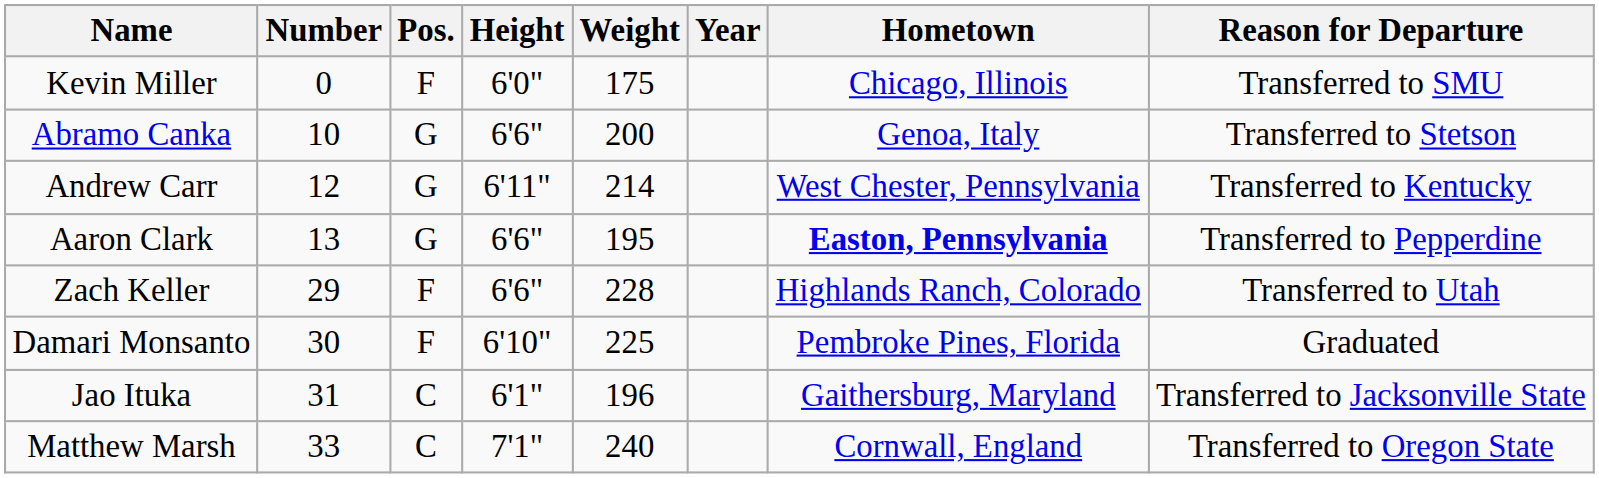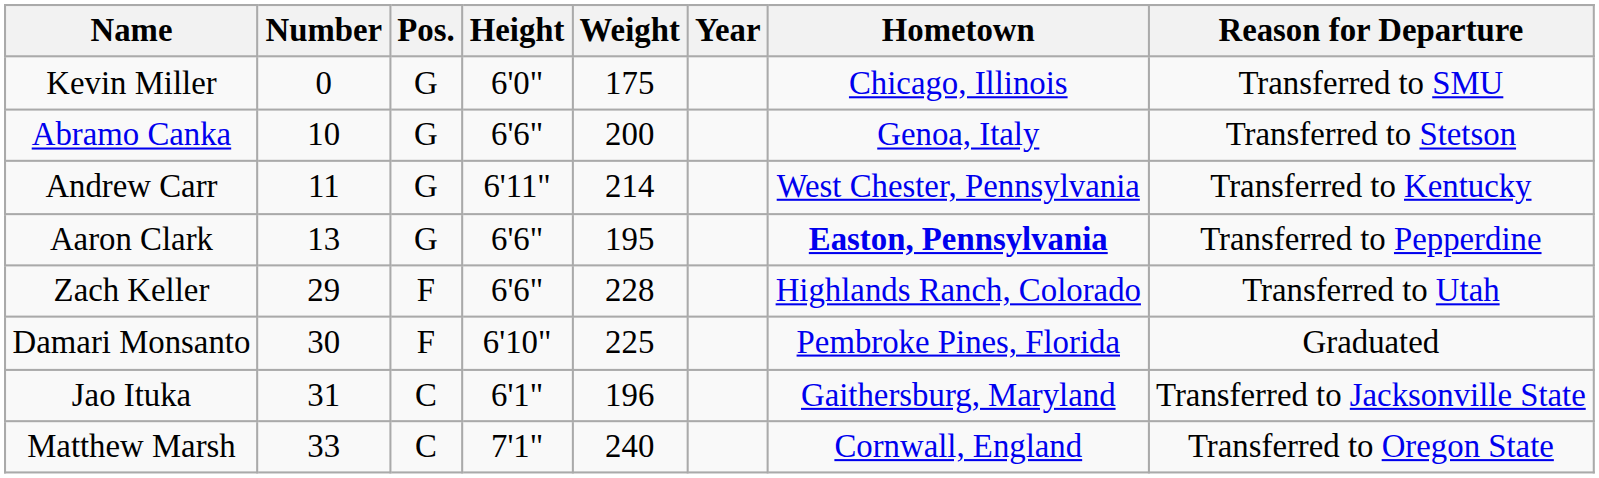 <table class="wikitable sortable" border="1" style=text-align:center;">
 <tr align=center>
 <th>Name</th>
 <th>Number</th>
 <th>Pos.</th>
 <th>Height</th>
 <th>Weight</th>
 <th>Year</th>
 <th>Hometown</th>
 <th>Reason for Departure</th>
 </tr>
 <tr>
 <td>Kevin Miller</td>
 <td>0</td>
-<td>F</td>
+<td>G</td>
 <td>6'0"</td>
 <td>175</td>
 <td></td>
 <td><a href='#'>Chicago, Illinois</a></td>
 <td>Transferred to <a href='#'>SMU</a></td>
 </tr>
 <tr>
 <td><a href='#'>Abramo Canka</a></td>
 <td>10</td>
 <td>G</td>
 <td>6'6"</td>
 <td>200</td>
 <td></td>
 <td><a href='#'>Genoa, Italy</a></td>
 <td>Transferred to <a href='#'>Stetson</a></td>
 </tr>
 <tr>
 <td>Andrew Carr</td>
-<td>12</td>
+<td>11</td>
 <td>G</td>
 <td>6'11"</td>
 <td>214</td>
 <td></td>
 <td><a href='#'>West Chester, Pennsylvania</a></td>
 <td>Transferred to <a href='#'>Kentucky</a></td>
 </tr>
 <tr>
 <td>Aaron Clark</td>
 <td>13</td>
 <td>G</td>
 <td>6'6"</td>
 <td>195</td>
 <td></td>
 <td><strong><a href='#'>Easton, Pennsylvania</a></strong></td>
 <td>Transferred to <a href='#'>Pepperdine</a></td>
 </tr>
 <tr>
 <td>Zach Keller</td>
 <td>29</td>
 <td>F</td>
 <td>6'6"</td>
 <td>228</td>
 <td></td>
 <td><a href='#'>Highlands Ranch, Colorado</a></td>
 <td>Transferred to <a href='#'>Utah</a></td>
 </tr>
 <tr>
 <td>Damari Monsanto</td>
 <td>30</td>
 <td>F</td>
 <td>6'10"</td>
 <td>225</td>
 <td></td>
 <td><a href='#'>Pembroke Pines, Florida</a></td>
 <td>Graduated</td>
 </tr>
 <tr>
 <td>Jao Ituka</td>
 <td>31</td>
 <td>C</td>
 <td>6'1"</td>
 <td>196</td>
 <td></td>
 <td><a href='#'>Gaithersburg, Maryland</a></td>
 <td>Transferred to <a href='#'>Jacksonville State</a></td>
 </tr>
 <tr>
 <td>Matthew Marsh</td>
 <td>33</td>
 <td>C</td>
 <td>7'1"</td>
 <td>240</td>
 <td></td>
 <td><a href='#'>Cornwall, England</a></td>
 <td>Transferred to <a href='#'>Oregon State</a></td>
 </tr>
 </table>
